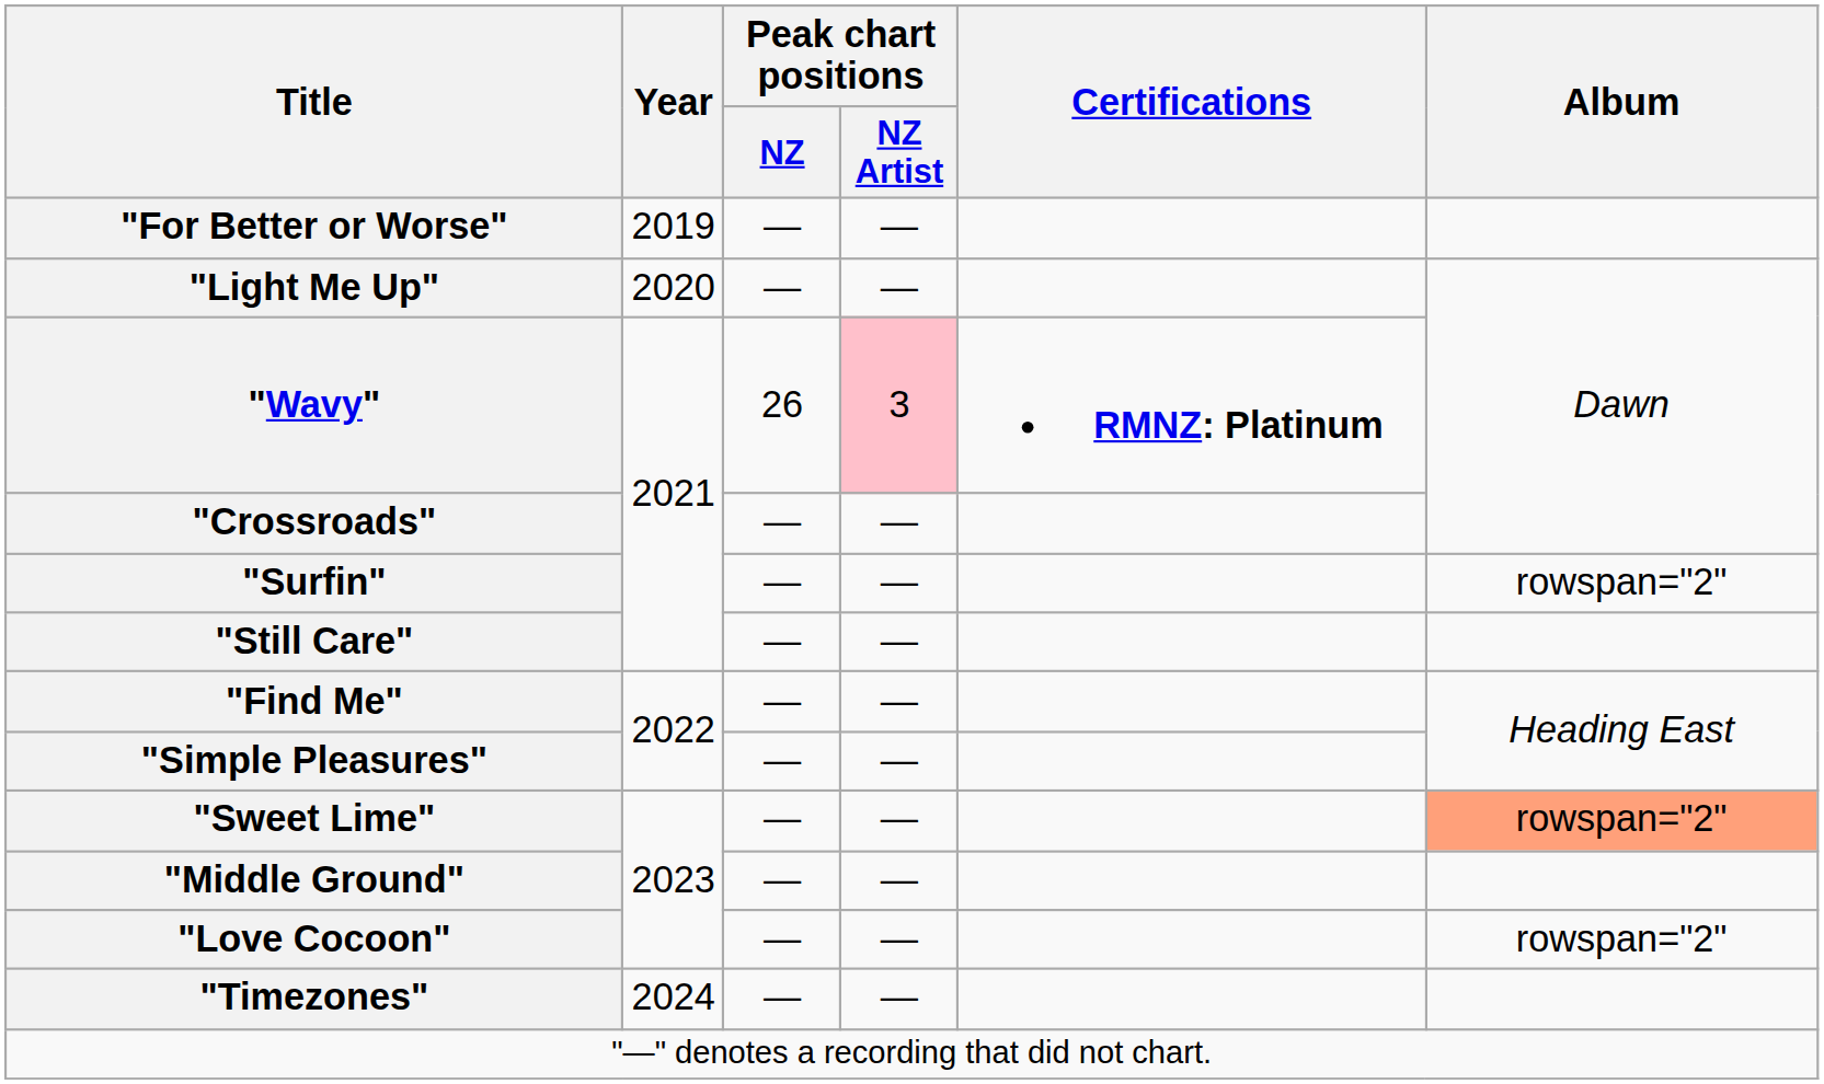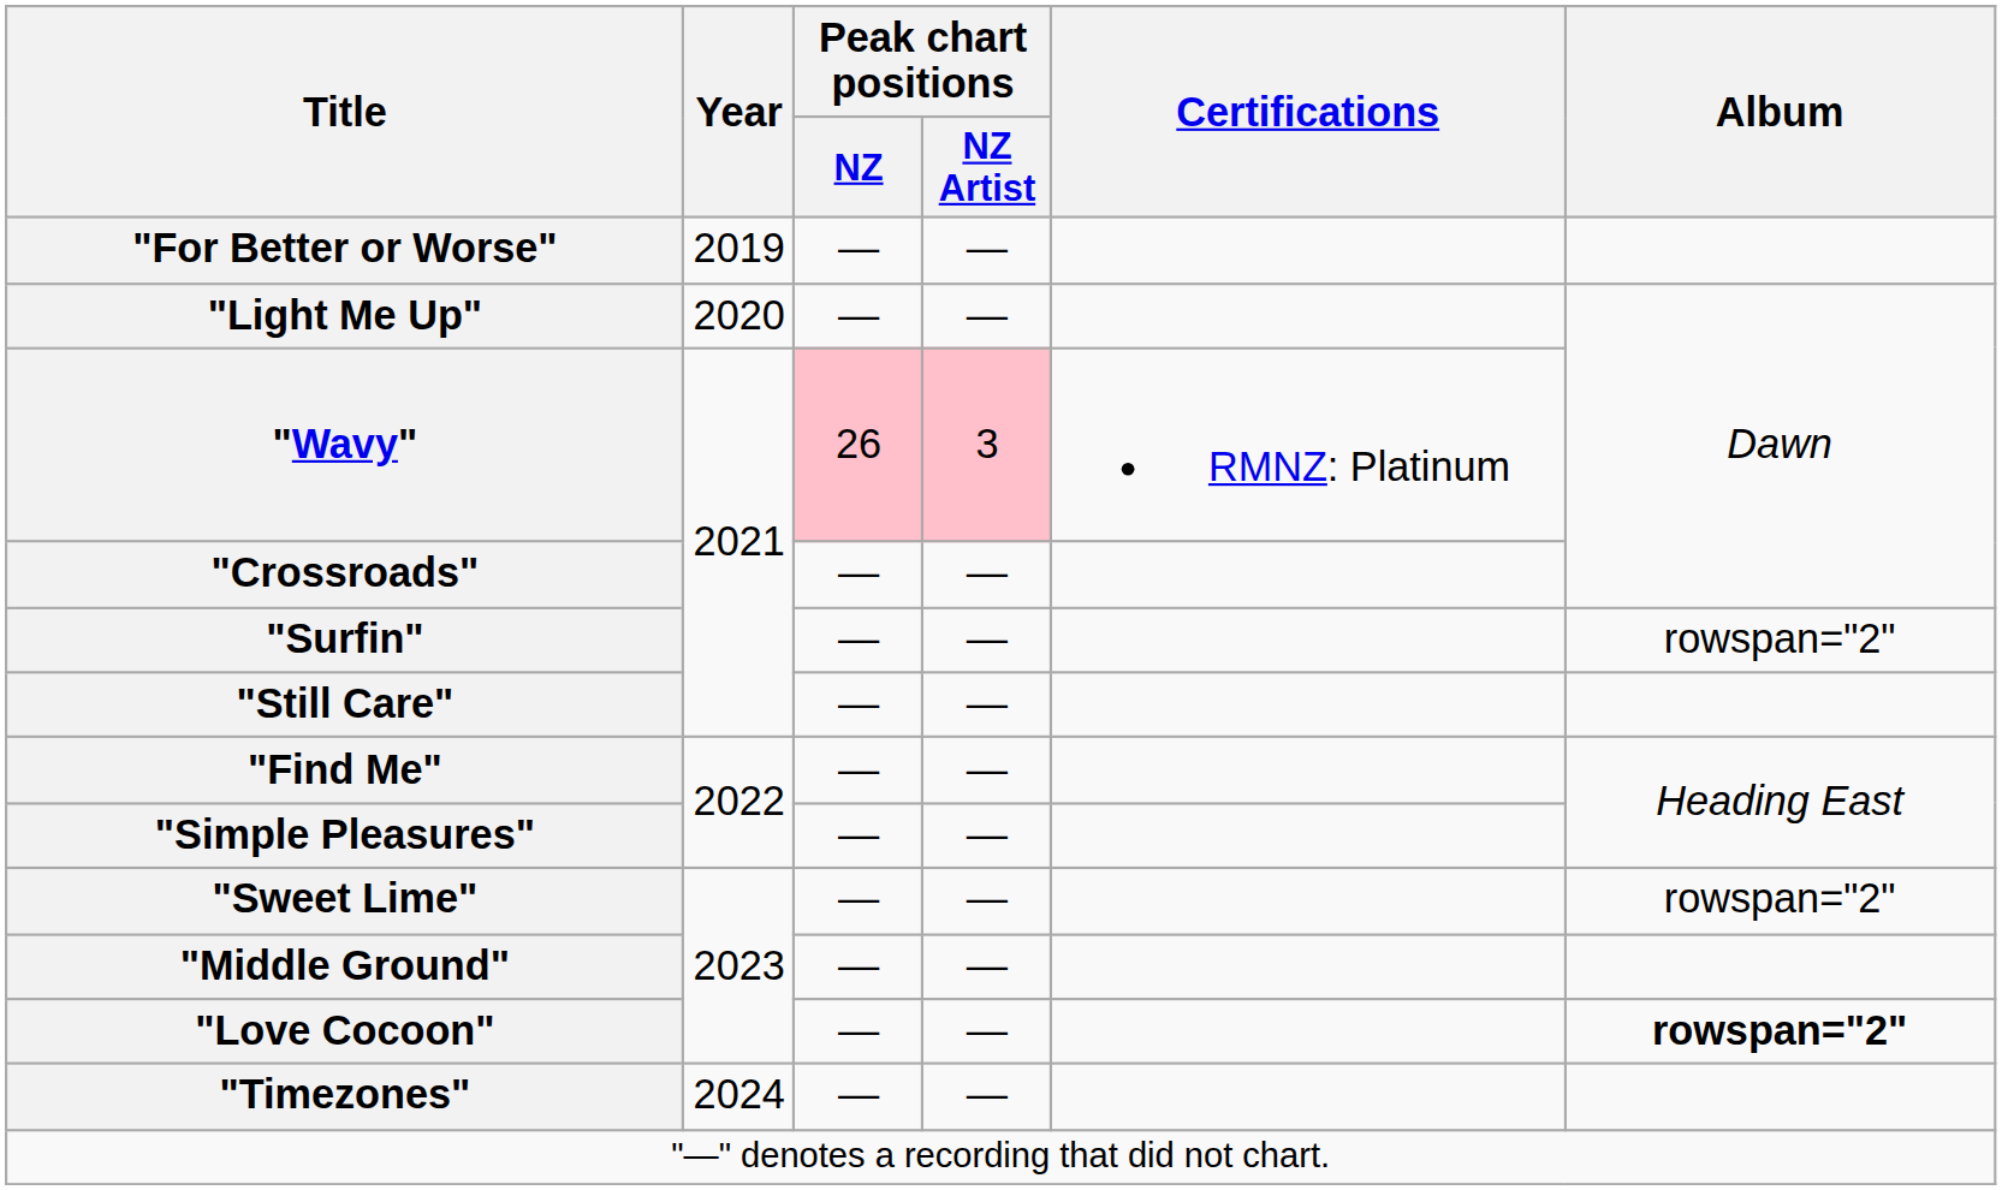 <table class="wikitable plainrowheaders" style="text-align:center;">
 <tr>
 <th scope="col" rowspan="2" style="width:16em;">Title</th>
 <th scope="col" rowspan="2" style="width:1em;">Year</th>
 <th scope="col" colspan="2">Peak chart positions</th>
 <th scope="col" rowspan="2" style="width:12em;"><a href='#'>Certifications</a></th>
 <th scope="col" rowspan="2" style="width:10em;">Album</th>
 </tr>
 <tr>
 <th scope="col" style="width:3em;font-size:90%;"><a href='#'>NZ</a><br></th>
 <th scope="col" style="width:3em;font-size:90%;"><a href='#'>NZ<br>Artist</a><br></th>
 </tr>
 <tr>
 <th scope="row">"For Better or Worse"</th>
 <td>2019</td>
 <td>—</td>
 <td>—</td>
 <td></td>
 <td></td>
 </tr>
 <tr>
 <th scope="row">"Light Me Up"</th>
 <td>2020</td>
 <td>—</td>
 <td>—</td>
 <td></td>
 <td rowspan="3"><em>Dawn</em></td>
 </tr>
 <tr>
 <th scope="row">"<a href='#'>Wavy</a>"</th>
 <td rowspan="4">2021</td>
-<td>26</td>
+<td style="background: pink;">26</td>
 <td style="background: pink;">3</td>
-<td><strong><br><ul><li><a href='#'>RMNZ</a>: Platinum</li></ul></strong></td>
+<td><br><ul><li><a href='#'>RMNZ</a>: Platinum</li></ul></td>
 </tr>
 <tr>
 <th scope="row">"Crossroads"<br></th>
 <td>—</td>
 <td>—</td>
 <td></td>
 </tr>
 <tr>
 <th scope="row">"Surfin"</th>
 <td>—</td>
 <td>—</td>
 <td></td>
 <td>rowspan="2" </td>
 </tr>
 <tr>
 <th scope="row">"Still Care"<br></th>
 <td>—</td>
 <td>—</td>
 <td></td>
 </tr>
 <tr>
 <th scope="row">"Find Me"</th>
 <td rowspan="2">2022</td>
 <td>—</td>
 <td>—</td>
 <td></td>
 <td rowspan="2"><em>Heading East</em></td>
 </tr>
 <tr>
 <th scope="row">"Simple Pleasures"</th>
 <td>—</td>
 <td>—</td>
 <td></td>
 </tr>
 <tr>
 <th scope="row">"Sweet Lime"</th>
 <td rowspan="3">2023</td>
 <td>—</td>
 <td>—</td>
 <td></td>
-<td style="background: lightsalmon;">rowspan="2" </td>
+<td>rowspan="2" </td>
 </tr>
 <tr>
 <th scope="row">"Middle Ground"</th>
 <td>—</td>
 <td>—</td>
 <td></td>
 </tr>
 <tr>
 <th scope="row">"Love Cocoon"<br></th>
 <td>—</td>
 <td>—</td>
 <td></td>
-<td>rowspan="2" </td>
+<td><strong>rowspan="2" </strong></td>
 </tr>
 <tr>
 <th scope="row">"Timezones"</th>
 <td rowspan="1">2024</td>
 <td>—</td>
 <td>—</td>
 <td></td>
 </tr>
 <tr>
 <td colspan="8" style="font-size:85%;">"—" denotes a recording that did not chart.</td>
 </tr>
 </table>
